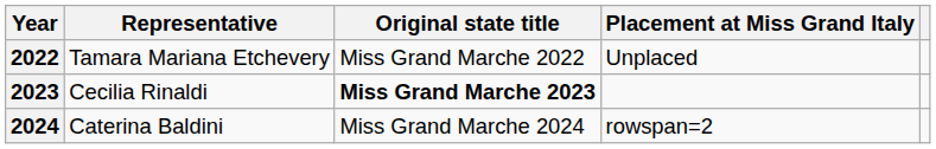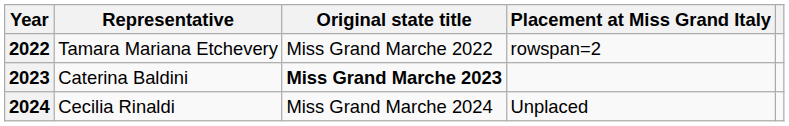 <table class="wikitable defaultcenter col2left" style="font-size:95%;">
 <tr>
 <th>Year</th>
 <th>Representative</th>
 <th>Original state title</th>
 <th>Placement at Miss Grand Italy</th>
 <th></th>
 </tr>
 <tr>
 <th>2022</th>
 <td>Tamara Mariana Etchevery</td>
 <td>Miss Grand Marche 2022</td>
-<td>Unplaced</td>
+<td>rowspan=2 </td>
 <td></td>
 </tr>
 <tr>
 <th>2023</th>
-<td>Cecilia Rinaldi</td>
+<td>Caterina Baldini</td>
 <td><strong>Miss Grand Marche 2023</strong></td>
 <td></td>
 </tr>
 <tr>
 <th>2024</th>
-<td>Caterina Baldini</td>
+<td>Cecilia Rinaldi</td>
 <td>Miss Grand Marche 2024</td>
-<td>rowspan=2 </td>
+<td>Unplaced</td>
 <td></td>
 </tr>
 </table>
